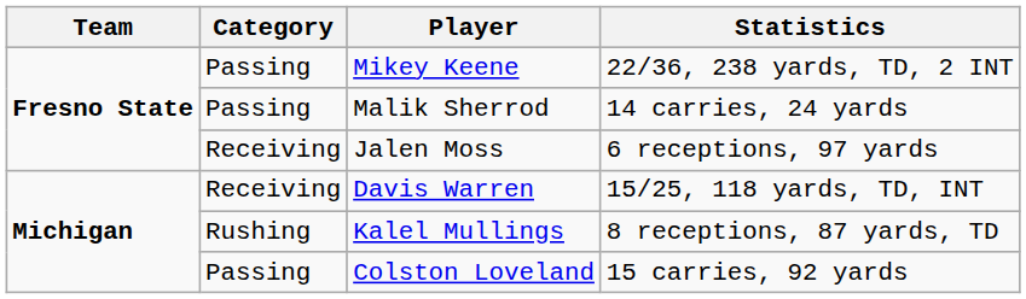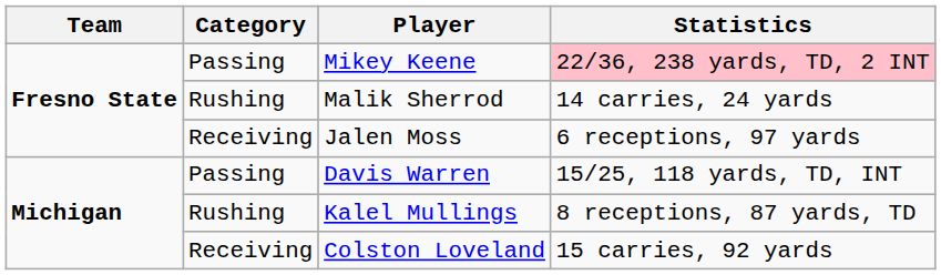 <table class="wikitable" style="float: right;">
 <tr>
 <th>Team</th>
 <th>Category</th>
 <th>Player</th>
 <th>Statistics</th>
 </tr>
 <tr>
 <td rowspan=3><strong>Fresno State</strong></td>
 <td>Passing</td>
 <td><a href='#'>Mikey Keene</a></td>
-<td>22/36, 238 yards, TD, 2 INT</td>
+<td style="background: pink;">22/36, 238 yards, TD, 2 INT</td>
 </tr>
 <tr>
-<td>Passing</td>
+<td>Rushing</td>
 <td>Malik Sherrod</td>
 <td>14 carries, 24 yards</td>
 </tr>
 <tr>
 <td>Receiving</td>
 <td>Jalen Moss</td>
 <td>6 receptions, 97 yards</td>
 </tr>
 <tr>
 <td rowspan=3><strong>Michigan</strong></td>
-<td>Receiving</td>
+<td>Passing</td>
 <td><a href='#'>Davis Warren</a></td>
 <td>15/25, 118 yards, TD, INT</td>
 </tr>
 <tr>
 <td>Rushing</td>
 <td><a href='#'>Kalel Mullings</a></td>
 <td>8 receptions, 87 yards, TD</td>
 </tr>
 <tr>
-<td>Passing</td>
+<td>Receiving</td>
 <td><a href='#'>Colston Loveland</a></td>
 <td>15 carries, 92 yards</td>
 </tr>
 </table>
